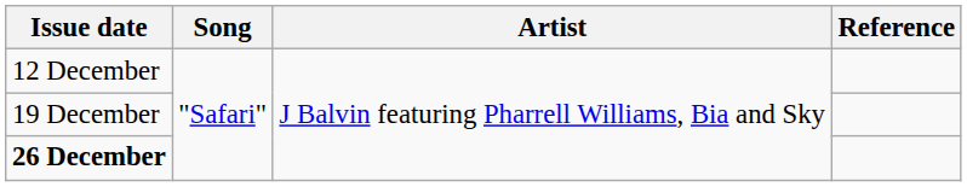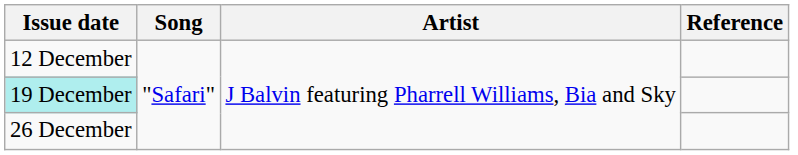 <table class="wikitable">
 <tr>
 <th>Issue date</th>
 <th>Song</th>
 <th>Artist</th>
 <th>Reference</th>
 </tr>
 <tr>
 <td>12 December</td>
 <td align="center" rowspan="3">"<a href='#'>Safari</a>"</td>
 <td align="center" rowspan="3"><a href='#'>J Balvin</a> featuring <a href='#'>Pharrell Williams</a>, <a href='#'>Bia</a> and Sky</td>
 <td align="center"></td>
 </tr>
 <tr>
-<td>19 December</td>
+<td style="background: paleturquoise;">19 December</td>
 <td align="center"></td>
 </tr>
 <tr>
-<td><strong>26 December</strong></td>
+<td>26 December</td>
 <td align="center"></td>
 </tr>
 </table>
